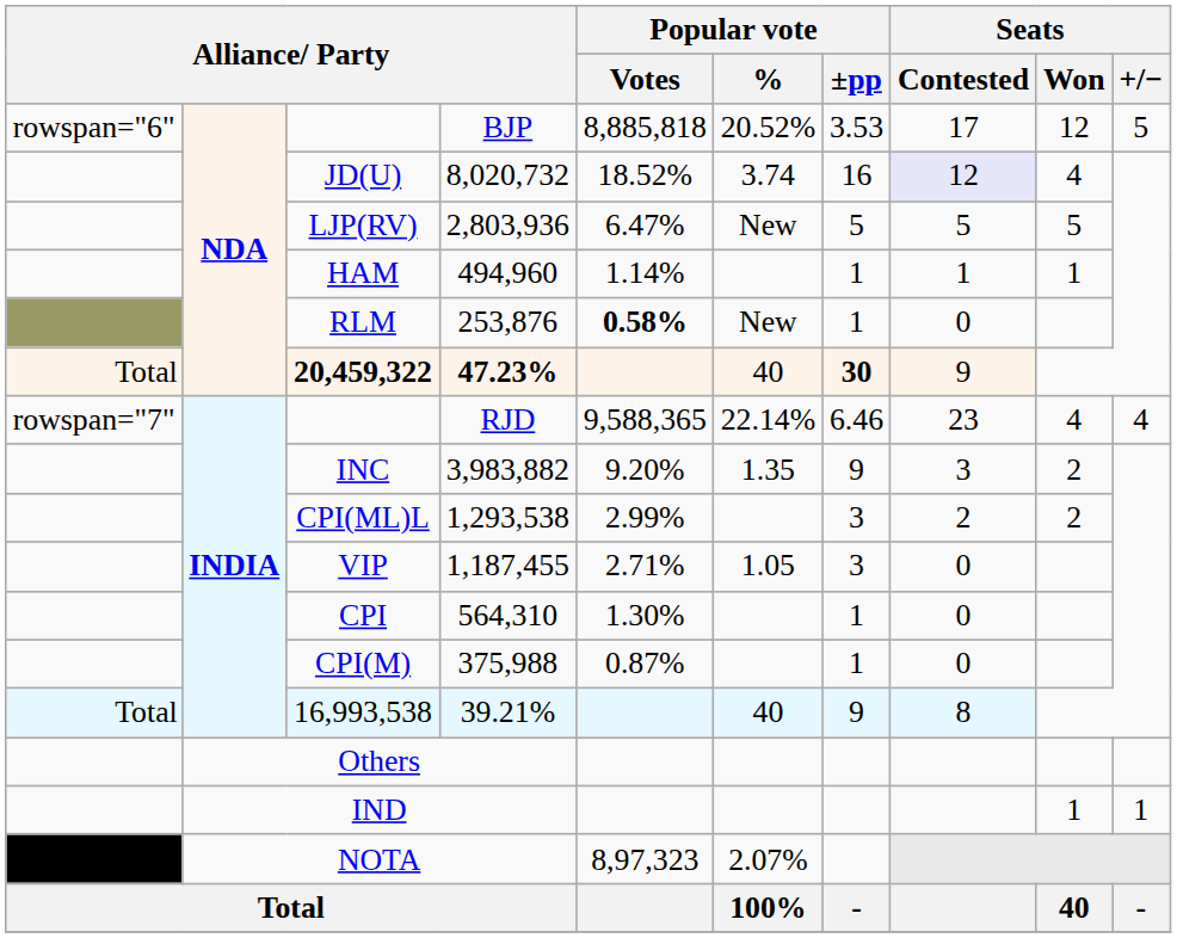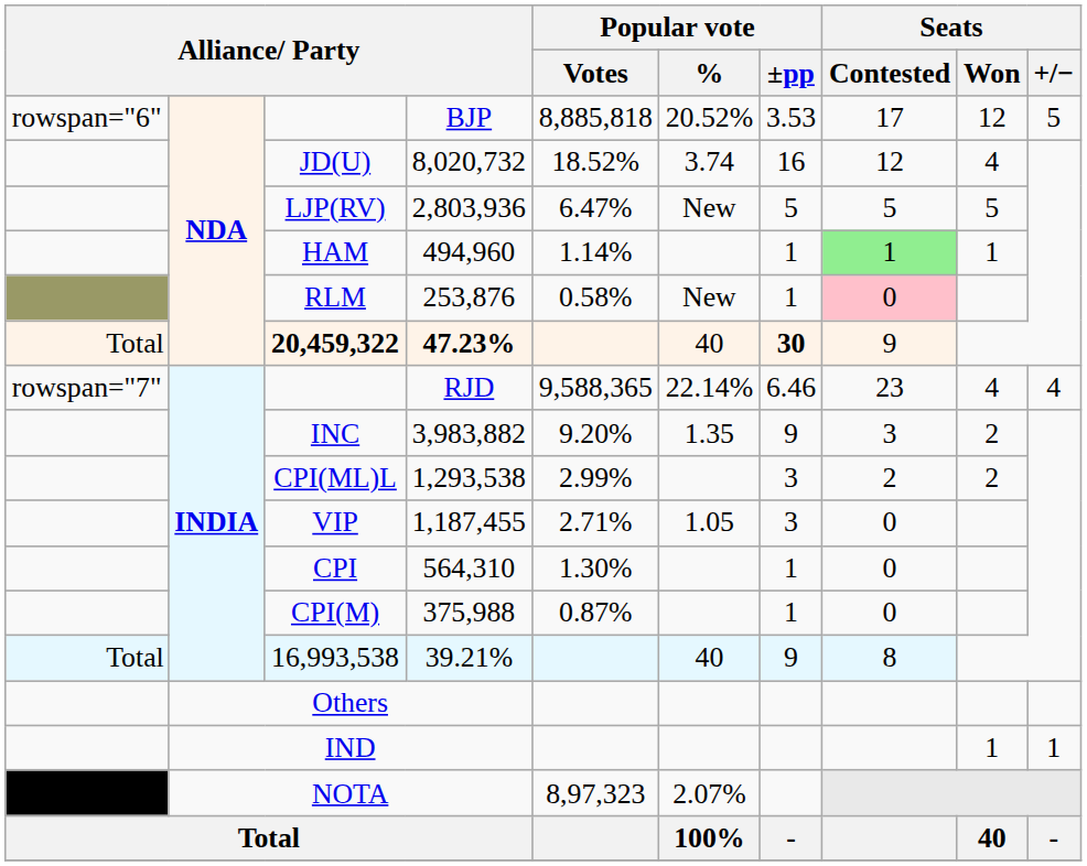 <table class="wikitable sortable" style="text-align:center;">
 <tr>
 <th colspan="4" rowspan="2">Alliance/ Party</th>
 <th colspan="3">Popular vote</th>
 <th colspan="3">Seats</th>
 </tr>
 <tr>
 <th>Votes</th>
 <th>%</th>
 <th>±<a href='#'>pp</a></th>
 <th>Contested</th>
 <th>Won</th>
 <th><strong>+/−</strong></th>
 </tr>
 <tr>
 <td>rowspan="6" </td>
 <th rowspan="6"style="background:#fef3e8"><a href='#'>NDA</a></th>
 <td></td>
 <td><a href='#'>BJP</a></td>
 <td>8,885,818</td>
 <td>20.52%</td>
 <td> 3.53</td>
 <td>17</td>
 <td>12</td>
 <td> 5</td>
 </tr>
 <tr>
 <td></td>
 <td><a href='#'>JD(U)</a></td>
 <td>8,020,732</td>
 <td>18.52%</td>
 <td> 3.74</td>
 <td>16</td>
-<td style="background: lavender;">12</td>
+<td>12</td>
 <td> 4</td>
 </tr>
 <tr>
 <td></td>
 <td><a href='#'>LJP(RV)</a></td>
 <td>2,803,936</td>
 <td>6.47%</td>
 <td>New</td>
 <td>5</td>
 <td>5</td>
 <td> 5</td>
 </tr>
 <tr>
 <td></td>
 <td><a href='#'>HAM</a></td>
 <td>494,960</td>
 <td>1.14%</td>
 <td></td>
 <td>1</td>
-<td>1</td>
+<td style="background: lightgreen;">1</td>
 <td> 1</td>
 </tr>
 <tr>
 <td bgcolor="#999966"></td>
 <td><a href='#'>RLM</a></td>
 <td>253,876</td>
-<td><strong>0.58%</strong></td>
+<td>0.58%</td>
 <td>New</td>
 <td>1</td>
-<td>0</td>
+<td style="background: pink;">0</td>
 <td></td>
 </tr>
 <tr>
 <td colspan="2"style="background:#fef3e8">Total</td>
 <td style="background:#fef3e8"><strong>20,459,322</strong></td>
 <td style="background:#fef3e8"><strong>47.23%</strong></td>
 <td style="background:#fef3e8"></td>
 <td style="background:#fef3e8">40</td>
 <td style="background:#fef3e8"><strong>30</strong></td>
 <td style="background:#fef3e8"> 9</td>
 </tr>
 <tr>
 <td>rowspan="7" </td>
 <th rowspan="7"style="background:#E5F8FF"><a href='#'>INDIA</a></th>
 <td></td>
 <td><a href='#'>RJD</a></td>
 <td>9,588,365</td>
 <td>22.14%</td>
 <td> 6.46</td>
 <td>23</td>
 <td>4</td>
 <td> 4</td>
 </tr>
 <tr>
 <td></td>
 <td><a href='#'>INC</a></td>
 <td>3,983,882</td>
 <td>9.20%</td>
 <td> 1.35</td>
 <td>9</td>
 <td>3</td>
 <td> 2</td>
 </tr>
 <tr>
 <td></td>
 <td><a href='#'>CPI(ML)L</a></td>
 <td>1,293,538</td>
 <td>2.99%</td>
 <td></td>
 <td>3</td>
 <td>2</td>
 <td> 2</td>
 </tr>
 <tr>
 <td></td>
 <td><a href='#'>VIP</a></td>
 <td>1,187,455</td>
 <td>2.71%</td>
 <td> 1.05</td>
 <td>3</td>
 <td>0</td>
 <td></td>
 </tr>
 <tr>
 <td></td>
 <td><a href='#'>CPI</a></td>
 <td>564,310</td>
 <td>1.30%</td>
 <td></td>
 <td>1</td>
 <td>0</td>
 <td></td>
 </tr>
 <tr>
 <td></td>
 <td><a href='#'>CPI(M)</a></td>
 <td>375,988</td>
 <td>0.87%</td>
 <td></td>
 <td>1</td>
 <td>0</td>
 <td></td>
 </tr>
 <tr>
 <td colspan="2"style="background:#E5F8FF">Total</td>
 <td style="background:#E5F8FF">16,993,538</td>
 <td style="background:#E5F8FF">39.21%</td>
 <td style="background:#E5F8FF"></td>
 <td style="background:#E5F8FF">40</td>
 <td style="background:#E5F8FF">9</td>
 <td style="background:#E5F8FF"> 8</td>
 </tr>
 <tr>
 <td></td>
 <td colspan="3"><a href='#'>Others</a></td>
 <td></td>
 <td></td>
 <td></td>
 <td></td>
 <td></td>
 <td></td>
 </tr>
 <tr>
 <td></td>
 <td colspan="3"><a href='#'>IND</a></td>
 <td></td>
 <td></td>
 <td></td>
 <td></td>
 <td>1</td>
 <td> 1</td>
 </tr>
 <tr>
 <td bgcolor="Black"></td>
 <td colspan="3"><a href='#'>NOTA</a></td>
 <td>8,97,323</td>
 <td>2.07%</td>
 <td></td>
 <th colspan="3" style="background-color:#E9E9E9"></th>
 </tr>
 <tr>
 <th colspan="4">Total</th>
 <th></th>
 <th>100%</th>
 <th>-</th>
 <th></th>
 <th>40</th>
 <th>-</th>
 </tr>
 <tr>
 </tr>
 </table>
